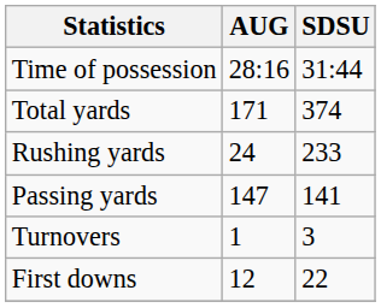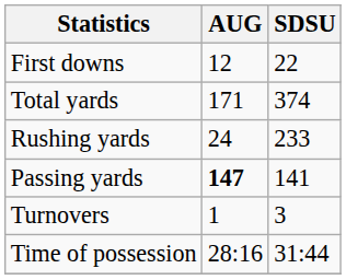 <table class="wikitable">
 <tr>
 <th>Statistics</th>
 <th>AUG</th>
 <th>SDSU</th>
 </tr>
 <tr>
-<td>Time of possession</td>
-<td>28:16</td>
-<td>31:44</td>
+<td>First downs</td>
+<td>12</td>
+<td>22</td>
 </tr>
 <tr>
 <td>Total yards</td>
 <td>171</td>
 <td>374</td>
 </tr>
 <tr>
 <td>Rushing yards</td>
 <td>24</td>
 <td>233</td>
 </tr>
 <tr>
 <td>Passing yards</td>
-<td>147</td>
+<td><strong>147</strong></td>
 <td>141</td>
 </tr>
 <tr>
 <td>Turnovers</td>
 <td>1</td>
 <td>3</td>
 </tr>
 <tr>
-<td>First downs</td>
-<td>12</td>
-<td>22</td>
+<td>Time of possession</td>
+<td>28:16</td>
+<td>31:44</td>
 </tr>
 <tr>
 </tr>
 </table>
